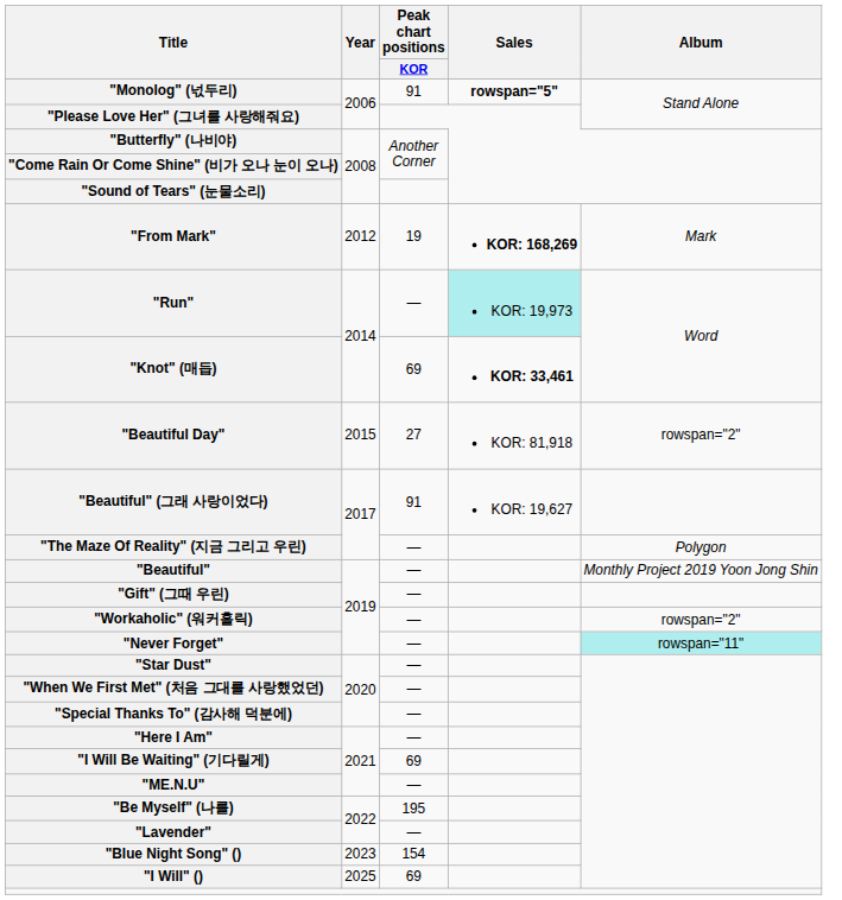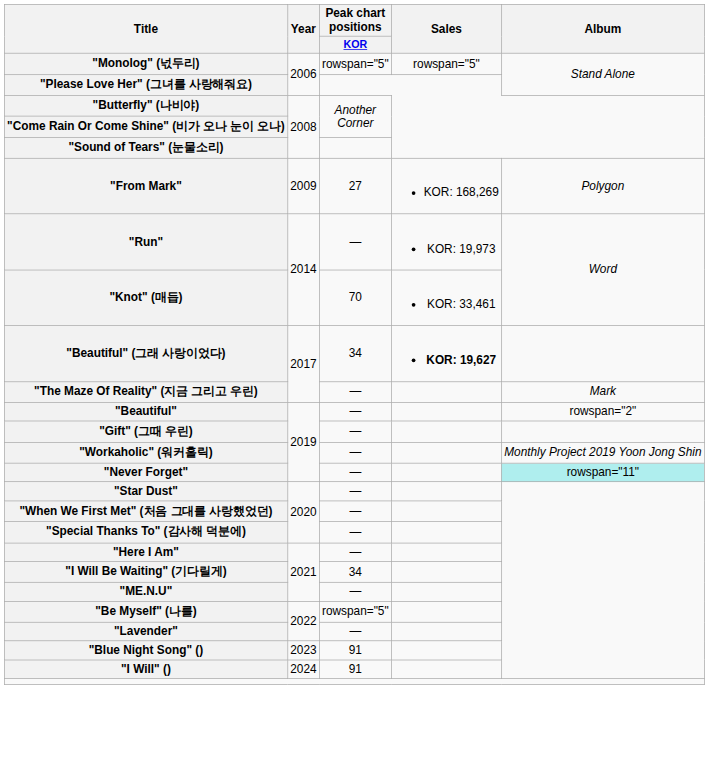 <table class="wikitable plainrowheaders" style="text-align:center;">
 <tr>
 <th scope="col" rowspan="2">Title</th>
 <th scope="col" rowspan="2">Year</th>
 <th scope="col" colspan="1">Peak chart positions</th>
 <th scope="col" rowspan="2">Sales</th>
 <th scope="col" rowspan="2">Album</th>
 </tr>
 <tr>
 <th scope="col" style="width:2.5em;font-size:90%;"><a href='#'>KOR</a><br></th>
 </tr>
 <tr>
 <th scope="row">"Monolog" (넋두리)</th>
 <td rowspan="2">2006</td>
-<td>91</td>
-<td><strong>rowspan="5" </strong></td>
+<td>rowspan="5" </td>
+<td>rowspan="5" </td>
 <td rowspan="2"><em>Stand Alone</em></td>
 </tr>
 <tr>
 <th scope="row">"Please Love Her" (그녀를 사랑해줘요)</th>
 </tr>
 <tr>
 <th scope="row">"Butterfly" (나비야)</th>
 <td rowspan="3">2008</td>
 <td rowspan="2"><em>Another Corner</em></td>
 </tr>
 <tr>
 <th scope="row">"Come Rain Or Come Shine" (비가 오나 눈이 오나)</th>
 </tr>
 <tr>
 <th scope="row">"Sound of Tears" (눈물소리)</th>
 <td></td>
 </tr>
 <tr>
 <th scope="row">"From Mark"</th>
-<td>2012</td>
-<td>19</td>
-<td><strong><br><ul><li>KOR: 168,269</li></ul></strong></td>
-<td><em>Mark</em></td>
+<td>2009</td>
+<td>27</td>
+<td><br><ul><li>KOR: 168,269</li></ul></td>
+<td><em>Polygon</em></td>
 </tr>
 <tr>
 <th scope="row">"Run"</th>
 <td rowspan="2">2014</td>
 <td>—</td>
-<td style="background: paleturquoise;"><br><ul><li>KOR: 19,973</li></ul></td>
+<td><br><ul><li>KOR: 19,973</li></ul></td>
 <td rowspan="2"><em>Word</em></td>
 </tr>
 <tr>
 <th scope="row">"Knot" (매듭)</th>
-<td>69</td>
-<td><strong><br><ul><li>KOR: 33,461</li></ul></strong></td>
-</tr>
-<tr>
-<th scope="row">"Beautiful Day" </th>
-<td>2015</td>
-<td>27</td>
-<td><br><ul><li>KOR: 81,918</li></ul></td>
-<td>rowspan="2" </td>
+<td>70</td>
+<td><br><ul><li>KOR: 33,461</li></ul></td>
 </tr>
 <tr>
 <th scope="row">"Beautiful" (그래 사랑이었다) </th>
 <td rowspan="2">2017</td>
-<td>91</td>
-<td><br><ul><li>KOR: 19,627</li></ul></td>
+<td>34</td>
+<td><strong><br><ul><li>KOR: 19,627</li></ul></strong></td>
 </tr>
 <tr>
 <th scope="row">"The Maze Of Reality" (지금 그리고 우린)</th>
 <td>—</td>
 <td></td>
-<td><em>Polygon</em></td>
+<td><em>Mark</em></td>
 </tr>
 <tr>
 <th scope="row">"Beautiful" </th>
 <td rowspan="4">2019</td>
 <td>—</td>
 <td></td>
-<td><em>Monthly Project 2019 Yoon Jong Shin</em></td>
+<td>rowspan="2" </td>
 </tr>
 <tr>
 <th scope="row">"Gift" (그때 우린)</th>
 <td>—</td>
 <td></td>
 </tr>
 <tr>
 <th scope="row">"Workaholic" (워커홀릭) </th>
 <td>—</td>
 <td></td>
-<td>rowspan="2" </td>
+<td><em>Monthly Project 2019 Yoon Jong Shin</em></td>
 </tr>
 <tr>
 <th scope="row">"Never Forget" </th>
 <td>—</td>
 <td></td>
 <td style="background: paleturquoise;">rowspan="11" </td>
 </tr>
 <tr>
 <th scope="row">"Star Dust"</th>
 <td rowspan="3">2020</td>
 <td>—</td>
 <td></td>
 </tr>
 <tr>
 <th scope="row">"When We First Met" (처음 그대를 사랑했었던)</th>
 <td>—</td>
 <td></td>
 </tr>
 <tr>
 <th scope="row">"Special Thanks To" (감사해 덕분에) </th>
 <td>—</td>
 <td></td>
 </tr>
 <tr>
 <th scope="row">"Here I Am"</th>
 <td rowspan="3">2021</td>
 <td>—</td>
 <td></td>
 </tr>
 <tr>
 <th scope="row">"I Will Be Waiting" (기다릴게) </th>
-<td>69</td>
+<td>34</td>
 <td></td>
 </tr>
 <tr>
 <th scope="row">"ME.N.U" </th>
 <td>—</td>
 <td></td>
 </tr>
 <tr>
 <th scope="row">"Be Myself" (나를) </th>
 <td rowspan="2">2022</td>
-<td>195</td>
+<td>rowspan="5" </td>
 <td></td>
 </tr>
 <tr>
 <th scope="row">"Lavender" </th>
 <td>—</td>
 <td></td>
 </tr>
 <tr>
 <th scope="row">"Blue Night Song" ()<br></th>
 <td>2023</td>
-<td>154</td>
+<td>91</td>
 <td></td>
 </tr>
 <tr>
 <th scope="row">"I Will" ()</th>
-<td>2025</td>
-<td>69</td>
+<td>2024</td>
+<td>91</td>
 <td></td>
 </tr>
 <tr>
 <td colspan="5"></td>
 </tr>
 </table>
